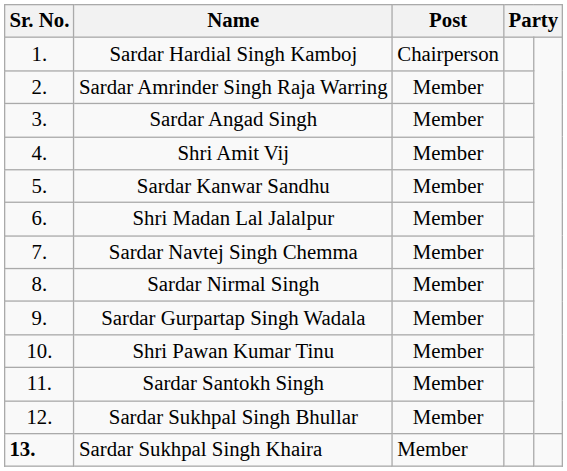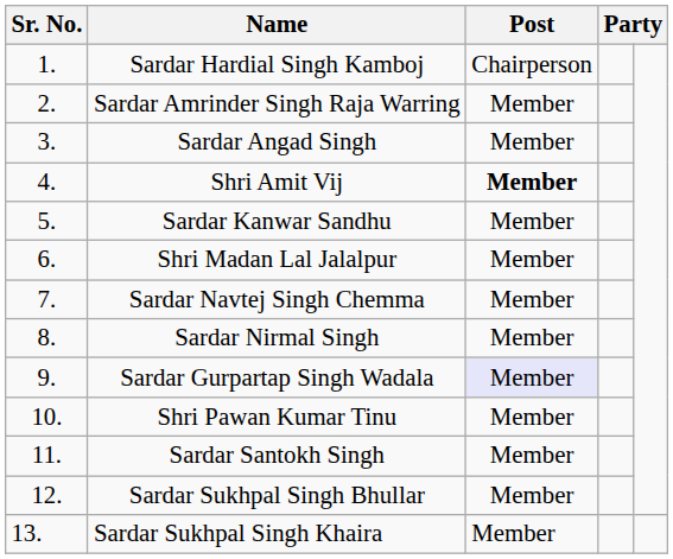 <table class="wikitable sortable">
 <tr>
 <th>Sr. No.</th>
 <th>Name</th>
 <th>Post</th>
 <th colspan="2">Party</th>
 </tr>
 <tr align="center">
 <td>1.</td>
 <td>Sardar Hardial Singh Kamboj</td>
 <td>Chairperson</td>
 <td></td>
 </tr>
 <tr align="center">
 <td>2.</td>
 <td>Sardar Amrinder Singh Raja Warring</td>
 <td>Member</td>
 <td></td>
 </tr>
 <tr align="center">
 <td>3.</td>
 <td>Sardar Angad Singh</td>
 <td>Member</td>
 <td></td>
 </tr>
 <tr align="center">
 <td>4.</td>
 <td>Shri Amit Vij</td>
-<td>Member</td>
+<td><strong>Member</strong></td>
 <td></td>
 </tr>
 <tr align="center">
 <td>5.</td>
 <td>Sardar Kanwar Sandhu</td>
 <td>Member</td>
 <td></td>
 </tr>
 <tr align="center">
 <td>6.</td>
 <td>Shri Madan Lal Jalalpur</td>
 <td>Member</td>
 <td></td>
 </tr>
 <tr align="center">
 <td>7.</td>
 <td>Sardar Navtej Singh Chemma</td>
 <td>Member</td>
 <td></td>
 </tr>
 <tr align="center">
 <td>8.</td>
 <td>Sardar Nirmal Singh</td>
 <td>Member</td>
 <td></td>
 </tr>
 <tr align="center">
 <td>9.</td>
 <td>Sardar Gurpartap Singh Wadala</td>
-<td>Member</td>
+<td style="background: lavender;">Member</td>
 <td></td>
 </tr>
 <tr align="center">
 <td>10.</td>
 <td>Shri Pawan Kumar Tinu</td>
 <td>Member</td>
 <td></td>
 </tr>
 <tr align="center">
 <td>11.</td>
 <td>Sardar Santokh Singh</td>
 <td>Member</td>
 <td></td>
 </tr>
 <tr align="center">
 <td>12.</td>
 <td>Sardar Sukhpal Singh Bhullar</td>
 <td>Member</td>
 <td></td>
 </tr>
 <tr>
-<td><strong>13.</strong></td>
+<td>13.</td>
 <td>Sardar Sukhpal Singh Khaira</td>
 <td>Member</td>
 <td></td>
 <td></td>
 </tr>
 </table>
